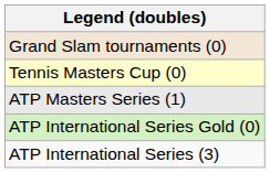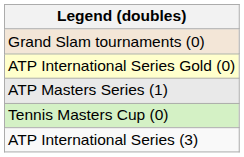 <table class="wikitable sortable mw-collapsible mw-collapsed">
 <tr>
 <th>Legend (doubles)</th>
 </tr>
 <tr style="background:#f3e6d7;">
 <td>Grand Slam tournaments (0)</td>
 </tr>
 <tr style="background:#ffffcc;">
-<td>Tennis Masters Cup (0)</td>
+<td>ATP International Series Gold (0)</td>
 </tr>
 <tr style="background:#e9e9e9;">
 <td>ATP Masters Series (1)</td>
 </tr>
 <tr style="background:#d4f1c5;">
-<td>ATP International Series Gold (0)</td>
+<td>Tennis Masters Cup (0)</td>
 </tr>
 <tr>
 <td>ATP International Series (3)</td>
 </tr>
 </table>
